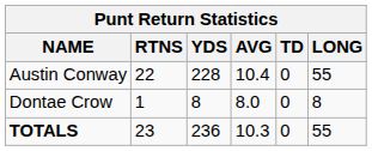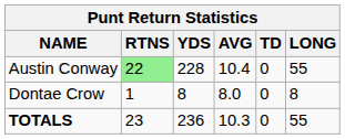 <table class="wikitable sortable collapsible collapsed">
 <tr>
 <th colspan="8">Punt Return Statistics</th>
 </tr>
 <tr>
 <th>NAME</th>
 <th>RTNS</th>
 <th>YDS</th>
 <th>AVG</th>
 <th>TD</th>
 <th>LONG</th>
 </tr>
 <tr>
 <td>Austin Conway</td>
-<td>22</td>
+<td style="background: lightgreen;">22</td>
 <td>228</td>
 <td>10.4</td>
 <td>0</td>
 <td>55</td>
 </tr>
 <tr>
 <td>Dontae Crow</td>
 <td>1</td>
 <td>8</td>
 <td>8.0</td>
 <td>0</td>
 <td>8</td>
 </tr>
 <tr>
 <td><strong>TOTALS</strong></td>
 <td>23</td>
 <td>236</td>
 <td>10.3</td>
 <td>0</td>
 <td>55</td>
 </tr>
 </table>
